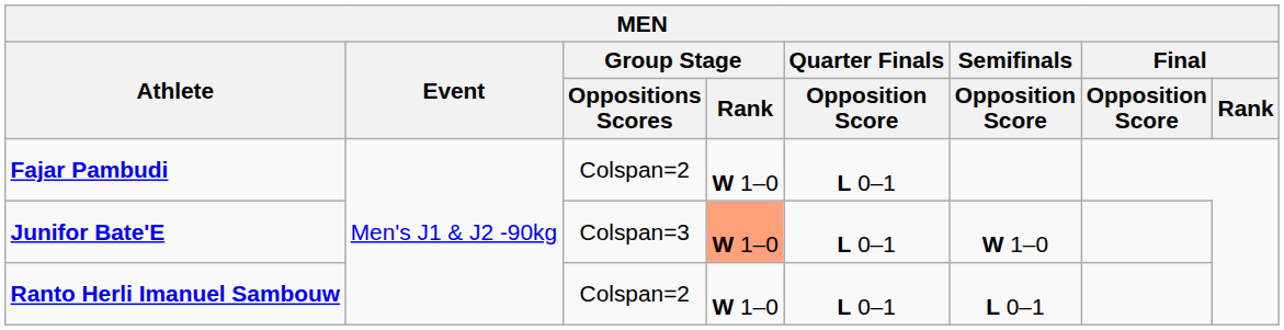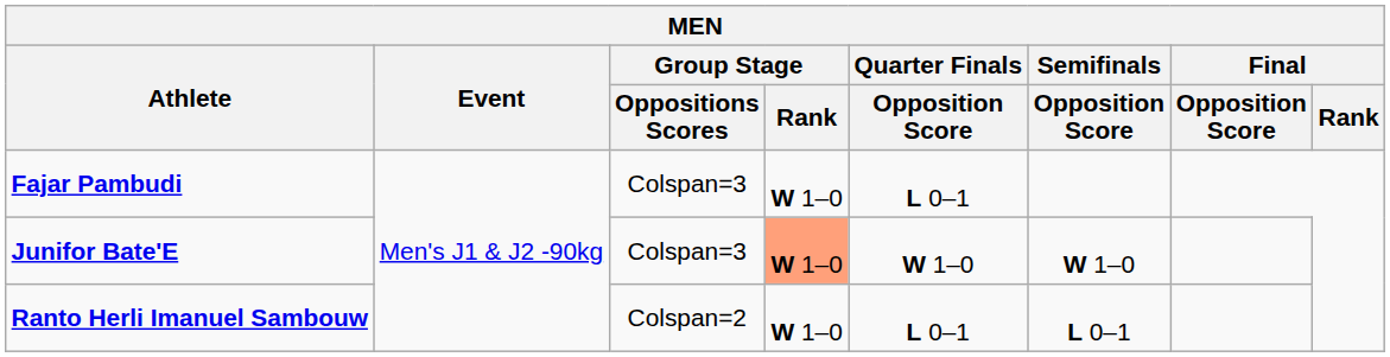 <table class=wikitable style="font-size:90%; text-align:center;">
 <tr>
 <th colspan="12">MEN</th>
 </tr>
 <tr>
 <th rowspan=2>Athlete</th>
 <th rowspan=2>Event</th>
 <th colspan=2>Group Stage</th>
 <th>Quarter Finals</th>
 <th>Semifinals</th>
 <th colspan=2>Final</th>
 </tr>
 <tr>
 <th>Oppositions<br>Scores</th>
 <th>Rank</th>
 <th>Opposition<br>Score</th>
 <th>Opposition<br>Score</th>
 <th>Opposition<br>Score</th>
 <th>Rank</th>
 </tr>
 <tr>
 <td align=left><strong><a href='#'>Fajar Pambudi</a></strong></td>
 <td Rowspan=3><a href='#'>Men's J1 & J2 -90kg</a></td>
-<td>Colspan=2</td>
+<td>Colspan=3</td>
 <td><br><strong>W</strong> 1–0</td>
 <td><br><strong>L</strong> 0–1</td>
 <td></td>
 </tr>
 <tr>
 <td align=left><strong><a href='#'>Junifor Bate'E</a></strong></td>
 <td>Colspan=3</td>
 <td style="background: lightsalmon;"><br><strong>W</strong> 1–0</td>
-<td><br><strong>L</strong> 0–1</td>
+<td><br><strong>W</strong> 1–0</td>
 <td><br><strong>W</strong> 1–0</td>
 <td></td>
 </tr>
 <tr>
 <td align=left><strong><a href='#'>Ranto Herli Imanuel Sambouw</a></strong></td>
 <td>Colspan=2</td>
 <td><br><strong>W</strong> 1–0</td>
 <td><br><strong>L</strong> 0–1</td>
 <td><br><strong>L</strong> 0–1</td>
 <td></td>
 </tr>
 </table>
